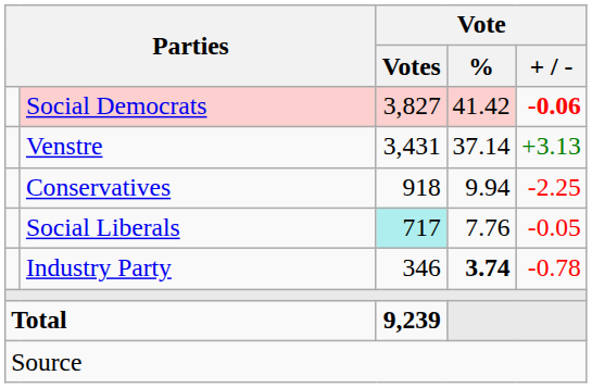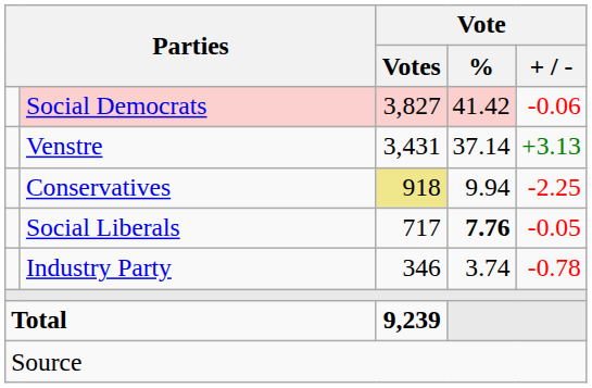 <table class="wikitable" style="text-align:right;">
 <tr>
 <th style="text-align:centre;" rowspan="2" colspan="2" width="225">Parties</th>
 <th colspan="3">Vote</th>
 </tr>
 <tr>
 <th width="15">Votes</th>
 <th width="15">%</th>
 <th width="15">+ / -</th>
 </tr>
 <tr>
 <td width="2" style="color:inherit;background:"></td>
 <td bgcolor=#fbd0ce  align="left"><a href='#'>Social Democrats</a></td>
 <td bgcolor=#fbd0ce>3,827</td>
 <td bgcolor=#fbd0ce>41.42</td>
-<td style=color:red;><strong>-0.06</strong></td>
+<td style=color:red;>-0.06</td>
 </tr>
 <tr>
 <td width="2" style="color:inherit;background:"></td>
 <td align="left"><a href='#'>Venstre</a></td>
 <td>3,431</td>
 <td>37.14</td>
 <td style=color:green;>+3.13</td>
 </tr>
 <tr>
 <td width="2" style="color:inherit;background:"></td>
 <td align="left"><a href='#'>Conservatives</a></td>
-<td>918</td>
+<td style="background: khaki;">918</td>
 <td>9.94</td>
 <td style=color:red;>-2.25</td>
 </tr>
 <tr>
 <td width="2" style="color:inherit;background:"></td>
 <td align="left"><a href='#'>Social Liberals</a></td>
-<td style="background: paleturquoise;">717</td>
-<td>7.76</td>
+<td>717</td>
+<td><strong>7.76</strong></td>
 <td style=color:red;>-0.05</td>
 </tr>
 <tr>
 <td width="2" style="color:inherit;background:"></td>
 <td align="left"><a href='#'>Industry Party</a></td>
 <td>346</td>
-<td><strong>3.74</strong></td>
+<td>3.74</td>
 <td style=color:red;>-0.78</td>
 </tr>
 <tr>
 <td colspan="7" bgcolor="#E9E9E9"></td>
 </tr>
 <tr>
 <td align="left" colspan="2"><strong>Total</strong></td>
 <td><strong>9,239</strong></td>
 <td bgcolor="#E9E9E9" colspan="2"></td>
 </tr>
 <tr>
 <td align="left" colspan="6">Source</td>
 </tr>
 </table>
